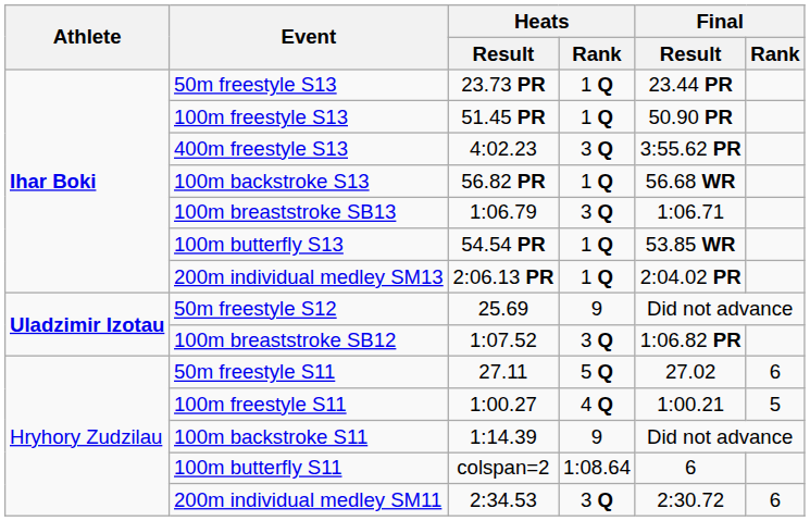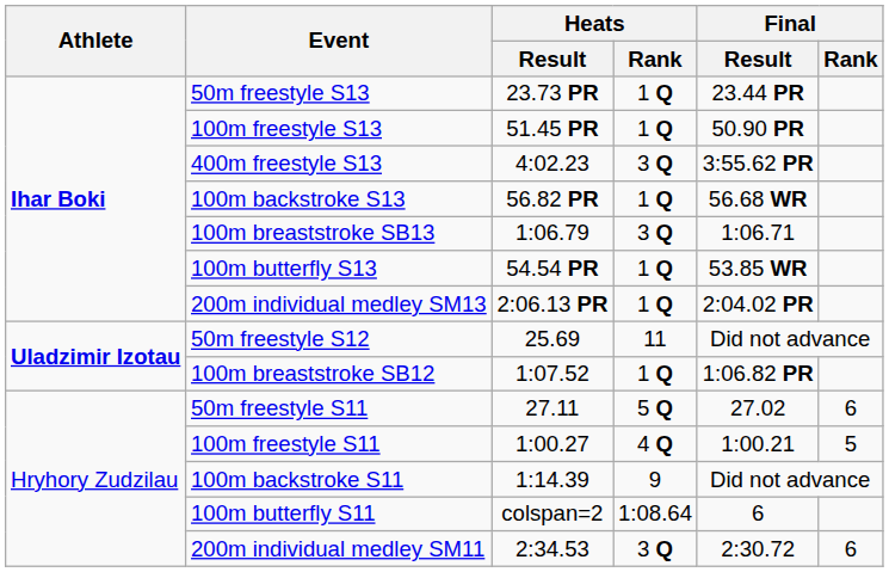 <table class=wikitable style="font-size:90%">
 <tr>
 <th rowspan="2">Athlete</th>
 <th rowspan="2">Event</th>
 <th colspan="2">Heats</th>
 <th colspan="2">Final</th>
 </tr>
 <tr>
 <th>Result</th>
 <th>Rank</th>
 <th>Result</th>
 <th>Rank</th>
 </tr>
 <tr align=center>
 <td align=left rowspan=7><strong><a href='#'>Ihar Boki</a></strong></td>
 <td align=left><a href='#'>50m freestyle S13</a></td>
 <td>23.73 <strong>PR</strong></td>
 <td>1 <strong>Q</strong></td>
 <td>23.44 <strong>PR</strong></td>
 <td></td>
 </tr>
 <tr align=center>
 <td align=left><a href='#'>100m freestyle S13</a></td>
 <td>51.45 <strong>PR</strong></td>
 <td>1 <strong>Q</strong></td>
 <td>50.90 <strong>PR</strong></td>
 <td></td>
 </tr>
 <tr align=center>
 <td align=left><a href='#'>400m freestyle S13</a></td>
 <td>4:02.23</td>
 <td>3 <strong>Q</strong></td>
 <td>3:55.62 <strong>PR</strong></td>
 <td></td>
 </tr>
 <tr align=center>
 <td align=left><a href='#'>100m backstroke S13</a></td>
 <td>56.82 <strong>PR</strong></td>
 <td>1 <strong>Q</strong></td>
 <td>56.68 <strong>WR</strong></td>
 <td></td>
 </tr>
 <tr align=center>
 <td align=left><a href='#'>100m breaststroke SB13</a></td>
 <td>1:06.79</td>
 <td>3 <strong>Q</strong></td>
 <td>1:06.71</td>
 <td></td>
 </tr>
 <tr align=center>
 <td align=left><a href='#'>100m butterfly S13</a></td>
 <td>54.54 <strong>PR</strong></td>
 <td>1 <strong>Q</strong></td>
 <td>53.85 <strong>WR</strong></td>
 <td></td>
 </tr>
 <tr align=center>
 <td align=left><a href='#'>200m individual medley SM13</a></td>
 <td>2:06.13 <strong>PR</strong></td>
 <td>1 <strong>Q</strong></td>
 <td>2:04.02 <strong>PR</strong></td>
 <td></td>
 </tr>
 <tr align=center>
 <td align=left rowspan=2><strong><a href='#'>Uladzimir Izotau</a></strong></td>
 <td align=left><a href='#'>50m freestyle S12</a></td>
 <td>25.69</td>
-<td>9</td>
+<td>11</td>
 <td colspan=2>Did not advance</td>
 </tr>
 <tr align=center>
 <td align=left><a href='#'>100m breaststroke SB12</a></td>
 <td>1:07.52</td>
-<td>3 <strong>Q</strong></td>
+<td>1 <strong>Q</strong></td>
 <td>1:06.82 <strong>PR</strong></td>
 <td></td>
 </tr>
 <tr align=center>
 <td align=left rowspan=5><a href='#'>Hryhory Zudzilau</a></td>
 <td align=left><a href='#'>50m freestyle S11</a></td>
 <td>27.11</td>
 <td>5 <strong>Q</strong></td>
 <td>27.02</td>
 <td>6</td>
 </tr>
 <tr align=center>
 <td align=left><a href='#'>100m freestyle S11</a></td>
 <td>1:00.27</td>
 <td>4 <strong>Q</strong></td>
 <td>1:00.21</td>
 <td>5</td>
 </tr>
 <tr align=center>
 <td align=left><a href='#'>100m backstroke S11</a></td>
 <td>1:14.39</td>
 <td>9</td>
 <td colspan=2>Did not advance</td>
 </tr>
 <tr align=center>
 <td align=left><a href='#'>100m butterfly S11</a></td>
 <td>colspan=2</td>
 <td>1:08.64</td>
 <td>6</td>
 </tr>
 <tr align=center>
 <td align=left><a href='#'>200m individual medley SM11</a></td>
 <td>2:34.53</td>
 <td>3 <strong>Q</strong></td>
 <td>2:30.72</td>
 <td>6</td>
 </tr>
 </table>
